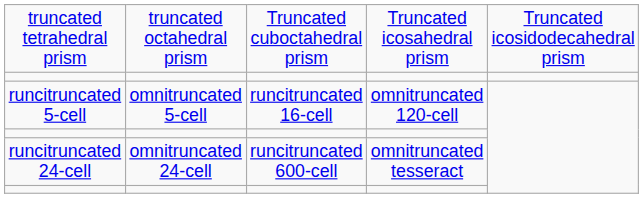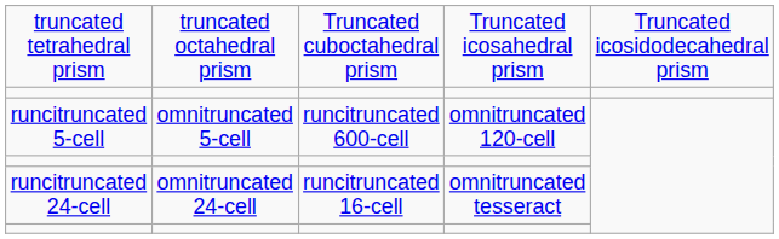 <table class=wikitable width=500>
 <tr align=center>
 <td><a href='#'>truncated tetrahedral prism</a><br></td>
 <td><a href='#'>truncated octahedral prism</a><br></td>
 <td><a href='#'>Truncated cuboctahedral prism</a><br></td>
 <td><a href='#'>Truncated icosahedral prism</a><br></td>
 <td><a href='#'>Truncated icosidodecahedral prism</a><br></td>
 </tr>
 <tr align=center>
 <td></td>
 <td></td>
 <td></td>
 <td></td>
 <td></td>
 </tr>
 <tr align=center>
 <td><a href='#'>runcitruncated 5-cell</a><br></td>
 <td><a href='#'>omnitruncated 5-cell</a><br></td>
-<td><a href='#'>runcitruncated 16-cell</a><br></td>
+<td><a href='#'>runcitruncated 600-cell</a><br></td>
 <td><a href='#'>omnitruncated 120-cell</a><br></td>
 </tr>
 <tr>
 <td></td>
 <td></td>
 <td></td>
 <td></td>
 </tr>
 <tr align=center>
 <td><a href='#'>runcitruncated 24-cell</a><br></td>
 <td><a href='#'>omnitruncated 24-cell</a><br></td>
-<td><a href='#'>runcitruncated 600-cell</a><br></td>
+<td><a href='#'>runcitruncated 16-cell</a><br></td>
 <td><a href='#'>omnitruncated tesseract</a><br></td>
 </tr>
 <tr align=center>
 <td></td>
 <td></td>
 <td></td>
 <td></td>
 </tr>
 </table>
